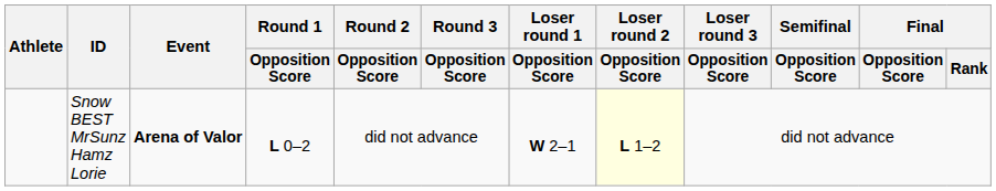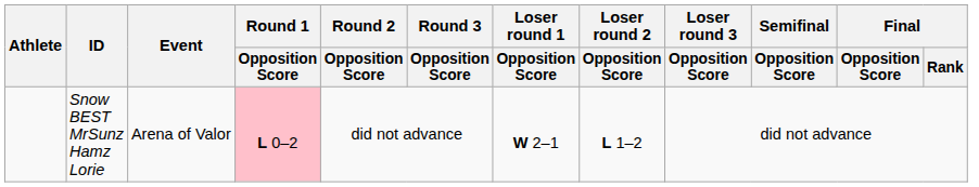 <table class=wikitable style="font-size:90%; text-align:center;">
 <tr>
 <th rowspan="2">Athlete</th>
 <th rowspan="2">ID</th>
 <th rowspan="2">Event</th>
 <th>Round 1</th>
 <th>Round 2</th>
 <th>Round 3</th>
 <th>Loser<br>round 1</th>
 <th>Loser<br>round 2</th>
 <th>Loser<br>round 3</th>
 <th>Semifinal</th>
 <th colspan=2>Final</th>
 </tr>
 <tr style="font-size:95%">
 <th>Opposition<br>Score</th>
 <th>Opposition<br>Score</th>
 <th>Opposition<br>Score</th>
 <th>Opposition<br>Score</th>
 <th>Opposition<br>Score</th>
 <th>Opposition<br>Score</th>
 <th>Opposition<br>Score</th>
 <th>Opposition<br>Score</th>
 <th>Rank</th>
 </tr>
 <tr>
 <td align=left></td>
 <td align=left><em>Snow<br>BEST<br>MrSunz<br>Hamz<br>Lorie</em></td>
-<td align=left><strong>Arena of Valor</strong></td>
-<td><br><strong>L</strong> 0–2</td>
+<td align=left>Arena of Valor</td>
+<td style="background: pink;"><br><strong>L</strong> 0–2</td>
 <td colspan=2>did not advance</td>
 <td><br><strong>W</strong> 2–1</td>
-<td style="background: lightyellow;"><br><strong>L</strong> 1–2</td>
+<td><br><strong>L</strong> 1–2</td>
 <td colspan=4>did not advance</td>
 </tr>
 </table>
